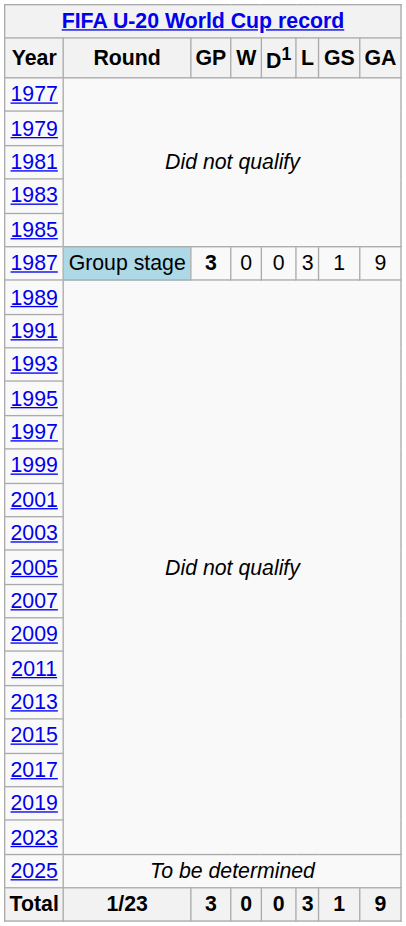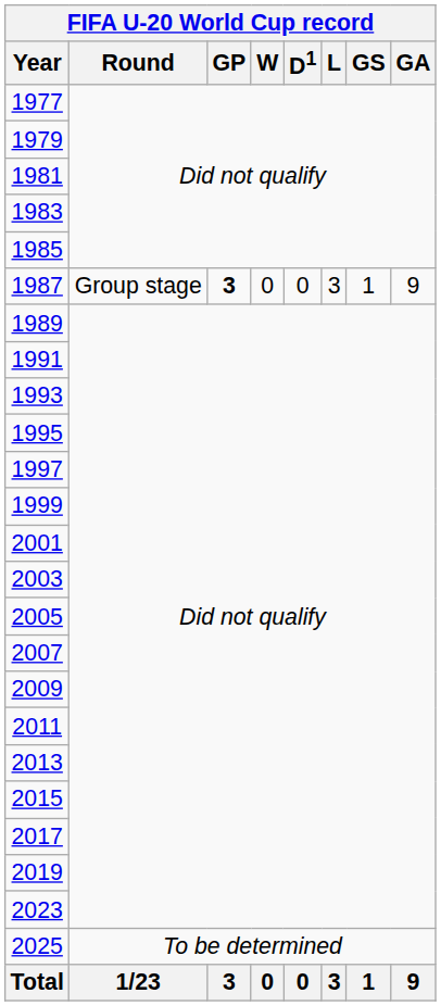 <table class="wikitable" style="text-align: center;">
 <tr>
 <th colspan=8><a href='#'>FIFA U-20 World Cup record</a></th>
 </tr>
 <tr>
 <th>Year</th>
 <th>Round</th>
 <th>GP</th>
 <th>W</th>
 <th>D<sup>1</sup></th>
 <th>L</th>
 <th>GS</th>
 <th>GA</th>
 </tr>
 <tr>
 <td> <a href='#'>1977</a></td>
 <td colspan=7 rowspan=5><em>Did not qualify</em></td>
 </tr>
 <tr>
 <td> <a href='#'>1979</a></td>
 </tr>
 <tr>
 <td> <a href='#'>1981</a></td>
 </tr>
 <tr>
 <td> <a href='#'>1983</a></td>
 </tr>
 <tr>
 <td> <a href='#'>1985</a></td>
 </tr>
 <tr>
 <td> <a href='#'>1987</a></td>
-<td style="background: lightblue;">Group stage</td>
+<td>Group stage</td>
 <td><strong>3</strong></td>
 <td>0</td>
 <td>0</td>
 <td>3</td>
 <td>1</td>
 <td>9</td>
 </tr>
 <tr>
 <td> <a href='#'>1989</a></td>
 <td colspan=7 rowspan=17><em>Did not qualify</em></td>
 </tr>
 <tr>
 <td> <a href='#'>1991</a></td>
 </tr>
 <tr>
 <td> <a href='#'>1993</a></td>
 </tr>
 <tr>
 <td> <a href='#'>1995</a></td>
 </tr>
 <tr>
 <td> <a href='#'>1997</a></td>
 </tr>
 <tr>
 <td> <a href='#'>1999</a></td>
 </tr>
 <tr>
 <td> <a href='#'>2001</a></td>
 </tr>
 <tr>
 <td> <a href='#'>2003</a></td>
 </tr>
 <tr>
 <td> <a href='#'>2005</a></td>
 </tr>
 <tr>
 <td> <a href='#'>2007</a></td>
 </tr>
 <tr>
 <td> <a href='#'>2009</a></td>
 </tr>
 <tr>
 <td> <a href='#'>2011</a></td>
 </tr>
 <tr>
 <td> <a href='#'>2013</a></td>
 </tr>
 <tr>
 <td> <a href='#'>2015</a></td>
 </tr>
 <tr>
 <td> <a href='#'>2017</a></td>
 </tr>
 <tr>
 <td> <a href='#'>2019</a></td>
 </tr>
 <tr>
 <td> <a href='#'>2023</a></td>
 </tr>
 <tr>
 <td> <a href='#'>2025</a></td>
 <td colspan="7"><em>To be determined</em></td>
 </tr>
 <tr>
 <th><strong>Total</strong></th>
 <th>1/23</th>
 <th>3</th>
 <th>0</th>
 <th>0</th>
 <th>3</th>
 <th>1</th>
 <th>9</th>
 </tr>
 </table>
